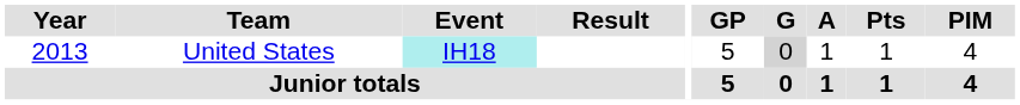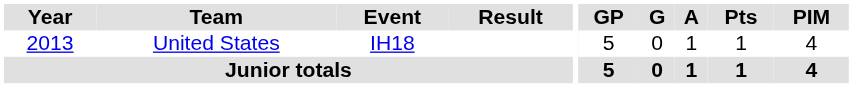 <table border="0" cellpadding="1" cellspacing="0" ID="Table3" style="text-align:center; width:40em">
 <tr ALIGN="center" bgcolor="#e0e0e0">
 <th>Year</th>
 <th>Team</th>
 <th>Event</th>
 <th>Result</th>
 <th rowspan="99" bgcolor="#ffffff"></th>
 <th>GP</th>
 <th>G</th>
 <th>A</th>
 <th>Pts</th>
 <th>PIM</th>
 </tr>
 <tr>
 <td><a href='#'>2013</a></td>
 <td><a href='#'>United States</a></td>
-<td style="background: paleturquoise;"><a href='#'>IH18</a></td>
+<td><a href='#'>IH18</a></td>
 <td></td>
 <td>5</td>
-<td style="background: lightgrey;">0</td>
+<td>0</td>
 <td>1</td>
 <td>1</td>
 <td>4</td>
 </tr>
 <tr bgcolor="#e0e0e0">
 <th colspan="4">Junior totals</th>
 <th>5</th>
 <th>0</th>
 <th>1</th>
 <th>1</th>
 <th>4</th>
 </tr>
 </table>
